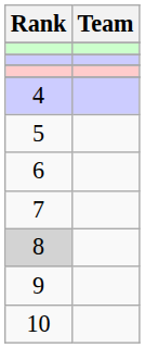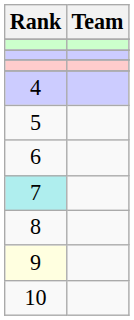 <table class="wikitable" border="1">
 <tr>
 <th>Rank</th>
 <th>Team</th>
 </tr>
 <tr>
 </tr>
 <tr bgcolor=#ccffcc>
 <td align=center></td>
 <td></td>
 </tr>
 <tr>
 </tr>
 <tr bgcolor=#ccccff>
 <td align=center></td>
 <td></td>
 </tr>
 <tr>
 </tr>
 <tr bgcolor=#ffcccc>
 <td align=center></td>
 <td></td>
 </tr>
 <tr>
 </tr>
 <tr bgcolor=#ccccff>
 <td align=center>4</td>
 <td></td>
 </tr>
 <tr>
 <td align=center>5</td>
 <td></td>
 </tr>
 <tr>
 <td align=center>6</td>
 <td></td>
 </tr>
 <tr>
-<td align=center>7</td>
+<td align=center style="background: paleturquoise;">7</td>
 <td></td>
 </tr>
 <tr>
-<td align=center style="background: lightgrey;">8</td>
+<td align=center>8</td>
 <td></td>
 </tr>
 <tr>
-<td align=center>9</td>
+<td align=center style="background: lightyellow;">9</td>
 <td></td>
 </tr>
 <tr>
 <td align=center>10</td>
 <td></td>
 </tr>
 </table>
